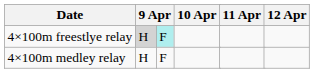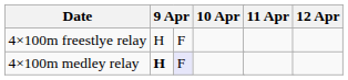 <table class="wikitable swimming-schedule">
 <tr>
 <th scope="row">Date</th>
 <th scope="col" colspan="2">9 Apr</th>
 <th scope="col" colspan="2">10 Apr</th>
 <th scope="col" colspan="2">11 Apr</th>
 <th scope="col" colspan="2">12 Apr</th>
 </tr>
 <tr>
 <td class="event">4×100m freestlye relay</td>
-<td class="heats" style="background: lightgrey;">H</td>
-<td class="final" style="background: paleturquoise;">F</td>
+<td class="heats">H</td>
+<td class="final">F</td>
 <td colspan=2></td>
 <td colspan=2></td>
 <td colspan=2></td>
 </tr>
 <tr>
 <td class="event">4×100m medley relay</td>
-<td class="heats">H</td>
-<td class="final">F</td>
+<td class="heats"><strong>H</strong></td>
+<td class="final" style="background: lavender;">F</td>
 <td colspan=2></td>
 <td colspan=2></td>
 <td colspan=2></td>
 </tr>
 </table>
